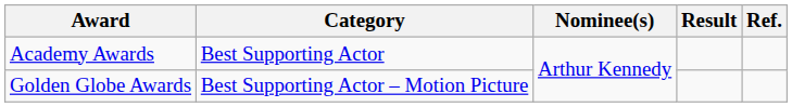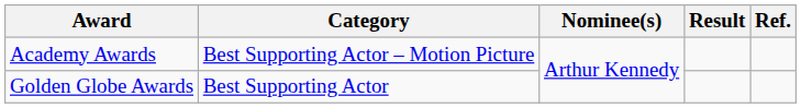 <table class="wikitable plainrowheaders">
 <tr>
 <th>Award</th>
 <th>Category</th>
 <th>Nominee(s)</th>
 <th>Result</th>
 <th>Ref.</th>
 </tr>
 <tr>
 <td><a href='#'>Academy Awards</a></td>
-<td><a href='#'>Best Supporting Actor</a></td>
+<td><a href='#'>Best Supporting Actor – Motion Picture</a></td>
 <td rowspan="2"><a href='#'>Arthur Kennedy</a></td>
 <td></td>
 <td align="center"></td>
 </tr>
 <tr>
 <td><a href='#'>Golden Globe Awards</a></td>
-<td><a href='#'>Best Supporting Actor – Motion Picture</a></td>
+<td><a href='#'>Best Supporting Actor</a></td>
 <td></td>
 <td align="center"></td>
 </tr>
 </table>
